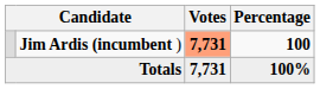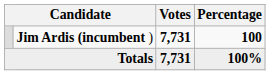 <table class="wikitable">
 <tr style="text-align:center;">
 <th colspan=2>Candidate</th>
 <th>Votes</th>
 <th>Percentage</th>
 </tr>
 <tr>
 <th style="background:#ddd; width:3px;"></th>
 <td><strong>Jim Ardis (incumbent </strong>)</td>
-<td style="background: lightsalmon; text-align:right;"><strong>7,731 </strong></td>
+<td style="text-align:right;"><strong>7,731 </strong></td>
 <td style="text-align:right;"><strong>100 </strong></td>
 </tr>
 <tr style="background:#eee; text-align:right;">
 <td colspan="2"><strong>Totals</strong></td>
 <td><strong>7,731</strong></td>
 <td><strong>100%</strong></td>
 </tr>
 </table>
